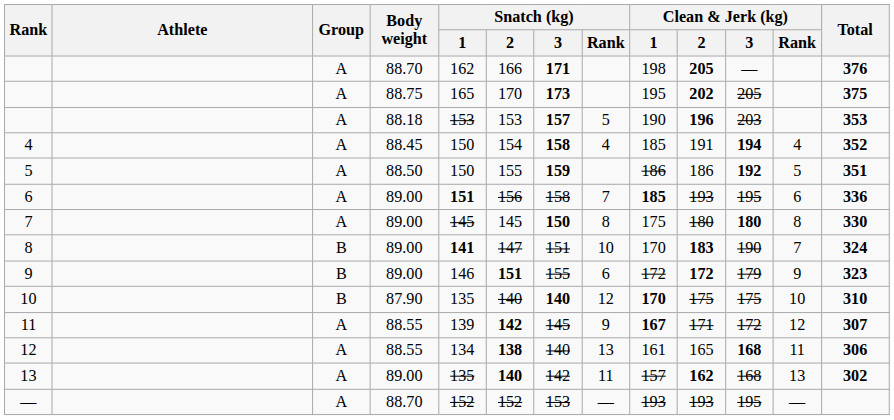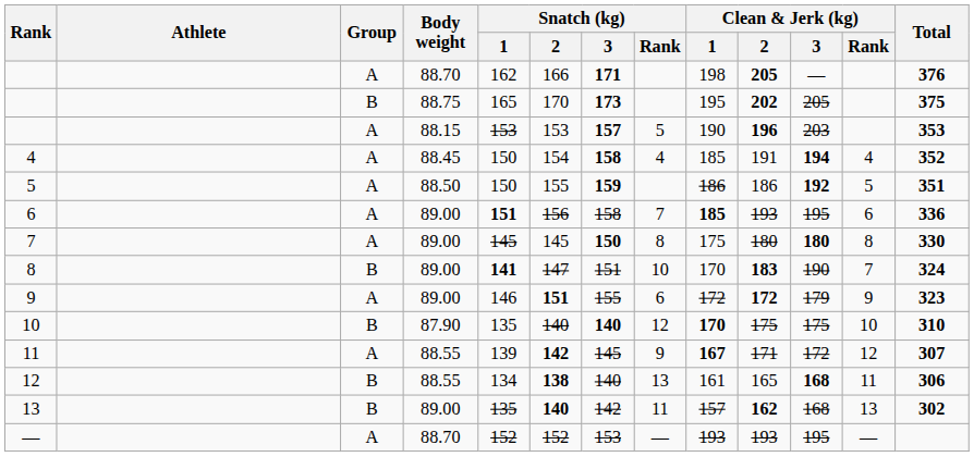 <table class = "wikitable" style="text-align:center;">
 <tr>
 <th rowspan=2 width=40>Rank</th>
 <th rowspan=2 width=250>Athlete</th>
 <th rowspan=2 width=50>Group</th>
 <th rowspan=2 width=60>Body weight</th>
 <th colspan=4>Snatch (kg)</th>
 <th colspan=4>Clean & Jerk (kg)</th>
 <th rowspan=2 width=60>Total</th>
 </tr>
 <tr>
 <th width=40>1</th>
 <th width=40>2</th>
 <th width=40>3</th>
 <th width=40>Rank</th>
 <th width=40>1</th>
 <th width=40>2</th>
 <th width=40>3</th>
 <th width=40>Rank</th>
 </tr>
 <tr>
 <td></td>
 <td align=left></td>
 <td>A</td>
 <td>88.70</td>
 <td>162</td>
 <td>166</td>
 <td><strong>171</strong></td>
 <td></td>
 <td>198</td>
 <td><strong>205</strong></td>
 <td>—</td>
 <td></td>
 <td><strong>376</strong></td>
 </tr>
 <tr>
 <td></td>
 <td align=left></td>
-<td>A</td>
+<td>B</td>
 <td>88.75</td>
 <td>165</td>
 <td>170</td>
 <td><strong>173</strong></td>
 <td></td>
 <td>195</td>
 <td><strong>202</strong></td>
 <td><s>205</s></td>
 <td></td>
 <td><strong>375</strong></td>
 </tr>
 <tr>
 <td></td>
 <td align=left></td>
 <td>A</td>
-<td>88.18</td>
+<td>88.15</td>
 <td><s>153</s></td>
 <td>153</td>
 <td><strong>157</strong></td>
 <td>5</td>
 <td>190</td>
 <td><strong>196</strong></td>
 <td><s>203</s></td>
 <td></td>
 <td><strong>353</strong></td>
 </tr>
 <tr>
 <td>4</td>
 <td align=left></td>
 <td>A</td>
 <td>88.45</td>
 <td>150</td>
 <td>154</td>
 <td><strong>158</strong></td>
 <td>4</td>
 <td>185</td>
 <td>191</td>
 <td><strong>194</strong></td>
 <td>4</td>
 <td><strong>352</strong></td>
 </tr>
 <tr>
 <td>5</td>
 <td align=left></td>
 <td>A</td>
 <td>88.50</td>
 <td>150</td>
 <td>155</td>
 <td><strong>159</strong></td>
 <td></td>
 <td><s>186</s></td>
 <td>186</td>
 <td><strong>192</strong></td>
 <td>5</td>
 <td><strong>351</strong></td>
 </tr>
 <tr>
 <td>6</td>
 <td align=left></td>
 <td>A</td>
 <td>89.00</td>
 <td><strong>151</strong></td>
 <td><s>156</s></td>
 <td><s>158</s></td>
 <td>7</td>
 <td><strong>185</strong></td>
 <td><s>193</s></td>
 <td><s>195</s></td>
 <td>6</td>
 <td><strong>336</strong></td>
 </tr>
 <tr>
 <td>7</td>
 <td align=left></td>
 <td>A</td>
 <td>89.00</td>
 <td><s>145</s></td>
 <td>145</td>
 <td><strong>150</strong></td>
 <td>8</td>
 <td>175</td>
 <td><s>180</s></td>
 <td><strong>180</strong></td>
 <td>8</td>
 <td><strong>330</strong></td>
 </tr>
 <tr>
 <td>8</td>
 <td align=left></td>
 <td>B</td>
 <td>89.00</td>
 <td><strong>141</strong></td>
 <td><s>147</s></td>
 <td><s>151</s></td>
 <td>10</td>
 <td>170</td>
 <td><strong>183</strong></td>
 <td><s>190</s></td>
 <td>7</td>
 <td><strong>324</strong></td>
 </tr>
 <tr>
 <td>9</td>
 <td align=left></td>
-<td>B</td>
+<td>A</td>
 <td>89.00</td>
 <td>146</td>
 <td><strong>151</strong></td>
 <td><s>155</s></td>
 <td>6</td>
 <td><s>172</s></td>
 <td><strong>172</strong></td>
 <td><s>179</s></td>
 <td>9</td>
 <td><strong>323</strong></td>
 </tr>
 <tr>
 <td>10</td>
 <td align=left></td>
 <td>B</td>
 <td>87.90</td>
 <td>135</td>
 <td><s>140</s></td>
 <td><strong>140</strong></td>
 <td>12</td>
 <td><strong>170</strong></td>
 <td><s>175</s></td>
 <td><s>175</s></td>
 <td>10</td>
 <td><strong>310</strong></td>
 </tr>
 <tr>
 <td>11</td>
 <td align=left></td>
 <td>A</td>
 <td>88.55</td>
 <td>139</td>
 <td><strong>142</strong></td>
 <td><s>145</s></td>
 <td>9</td>
 <td><strong>167</strong></td>
 <td><s>171</s></td>
 <td><s>172</s></td>
 <td>12</td>
 <td><strong>307</strong></td>
 </tr>
 <tr>
 <td>12</td>
 <td align=left></td>
-<td>A</td>
+<td>B</td>
 <td>88.55</td>
 <td>134</td>
 <td><strong>138</strong></td>
 <td><s>140</s></td>
 <td>13</td>
 <td>161</td>
 <td>165</td>
 <td><strong>168</strong></td>
 <td>11</td>
 <td><strong>306</strong></td>
 </tr>
 <tr>
 <td>13</td>
 <td align=left></td>
-<td>A</td>
+<td>B</td>
 <td>89.00</td>
 <td><s>135</s></td>
 <td><strong>140</strong></td>
 <td><s>142</s></td>
 <td>11</td>
 <td><s>157</s></td>
 <td><strong>162</strong></td>
 <td><s>168</s></td>
 <td>13</td>
 <td><strong>302</strong></td>
 </tr>
 <tr>
 <td>—</td>
 <td align=left></td>
 <td>A</td>
 <td>88.70</td>
 <td><s>152</s></td>
 <td><s>152</s></td>
 <td><s>153</s></td>
 <td>—</td>
 <td><s>193</s></td>
 <td><s>193</s></td>
 <td><s>195</s></td>
 <td>—</td>
 </tr>
 </table>
